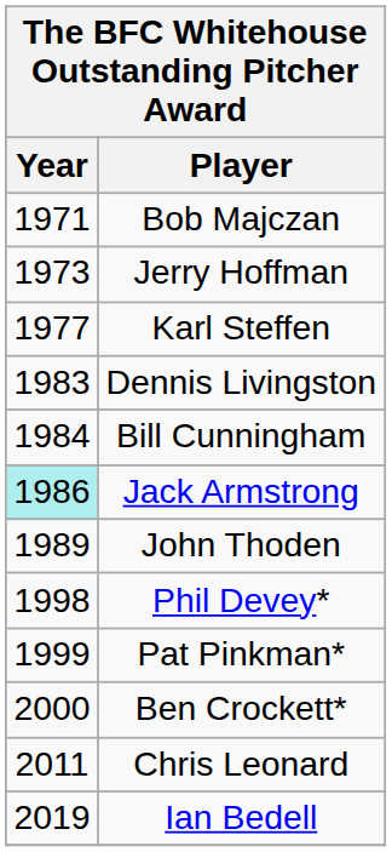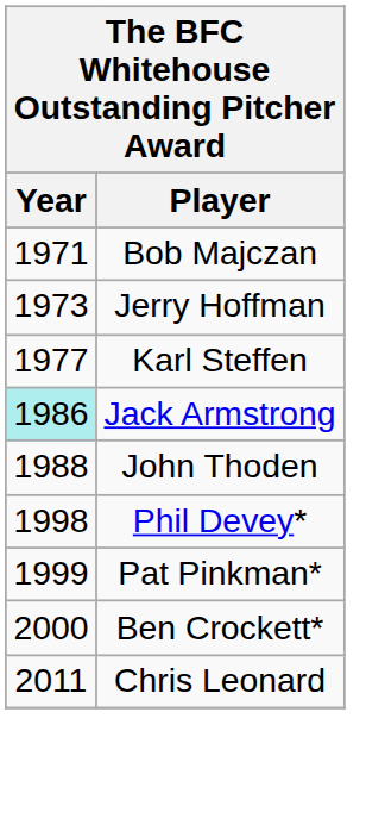 <table class="wikitable" style="display: inline-table; margin-right: 20px; text-align:center">
 <tr>
 <th scope="col" colspan="2" style="width: 145px;">The BFC Whitehouse Outstanding Pitcher Award</th>
 </tr>
 <tr>
 <th scope="col">Year</th>
 <th scope="col">Player</th>
 </tr>
 <tr>
 <td>1971</td>
 <td>Bob Majczan</td>
 </tr>
 <tr>
 <td>1973</td>
 <td>Jerry Hoffman</td>
 </tr>
 <tr>
 <td>1977</td>
 <td>Karl Steffen</td>
 </tr>
 <tr>
-<td>1983</td>
-<td>Dennis Livingston</td>
-</tr>
-<tr>
-<td>1984</td>
-<td>Bill Cunningham</td>
-</tr>
-<tr>
 <td style="background: paleturquoise;">1986</td>
 <td><a href='#'>Jack Armstrong</a></td>
 </tr>
 <tr>
-<td>1989</td>
+<td>1988</td>
 <td>John Thoden</td>
 </tr>
 <tr>
 <td>1998</td>
 <td><a href='#'>Phil Devey</a>*</td>
 </tr>
 <tr>
 <td>1999</td>
 <td>Pat Pinkman*</td>
 </tr>
 <tr>
 <td>2000</td>
 <td>Ben Crockett*</td>
 </tr>
 <tr>
 <td>2011</td>
 <td>Chris Leonard</td>
 </tr>
 <tr>
-<td>2019</td>
-<td><a href='#'>Ian Bedell</a></td>
-</tr>
-<tr>
 </tr>
 </table>
